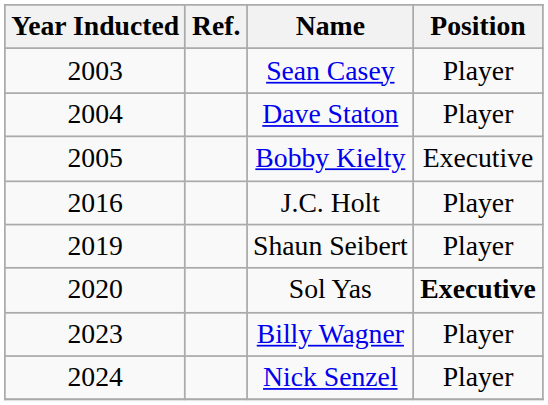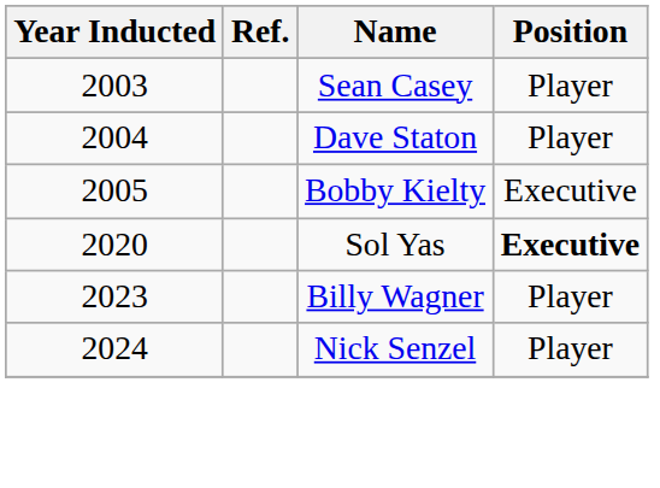 <table class="wikitable" style="text-align:center">
 <tr>
 <th>Year Inducted</th>
 <th>Ref.</th>
 <th>Name</th>
 <th>Position</th>
 </tr>
 <tr>
 <td>2003</td>
 <td></td>
 <td><a href='#'>Sean Casey</a></td>
 <td>Player</td>
 </tr>
 <tr>
 <td>2004</td>
 <td></td>
 <td><a href='#'>Dave Staton</a></td>
 <td>Player</td>
 </tr>
 <tr>
 <td>2005</td>
 <td></td>
 <td><a href='#'>Bobby Kielty</a></td>
 <td>Executive</td>
 </tr>
 <tr>
-<td>2016</td>
-<td></td>
-<td>J.C. Holt</td>
-<td>Player</td>
-</tr>
-<tr>
-<td>2019</td>
-<td></td>
-<td>Shaun Seibert</td>
-<td>Player</td>
-</tr>
-<tr>
 <td>2020</td>
 <td></td>
 <td>Sol Yas</td>
 <td><strong>Executive</strong></td>
 </tr>
 <tr>
 <td>2023</td>
 <td></td>
 <td><a href='#'>Billy Wagner</a></td>
 <td>Player</td>
 </tr>
 <tr>
 <td>2024</td>
 <td></td>
 <td><a href='#'>Nick Senzel</a></td>
 <td>Player</td>
 </tr>
 <tr>
 </tr>
 </table>
